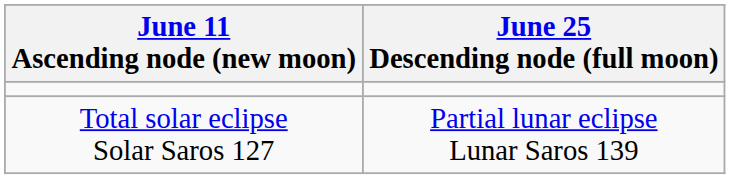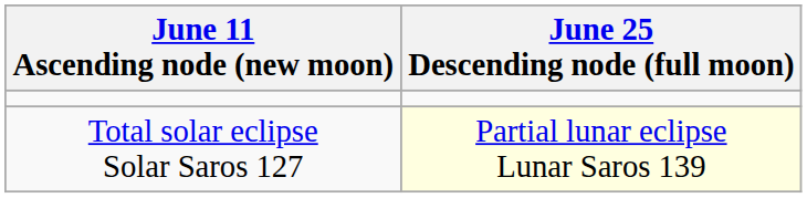 <table class="wikitable">
 <tr>
 <th><a href='#'>June 11</a><br>Ascending node (new moon)<br></th>
 <th><a href='#'>June 25</a><br>Descending node (full moon)<br></th>
 </tr>
 <tr>
 <td></td>
 <td></td>
 </tr>
 <tr align=center>
 <td><a href='#'>Total solar eclipse</a><br>Solar Saros 127</td>
-<td><a href='#'>Partial lunar eclipse</a><br>Lunar Saros 139</td>
+<td style="background: lightyellow;"><a href='#'>Partial lunar eclipse</a><br>Lunar Saros 139</td>
 </tr>
 </table>
